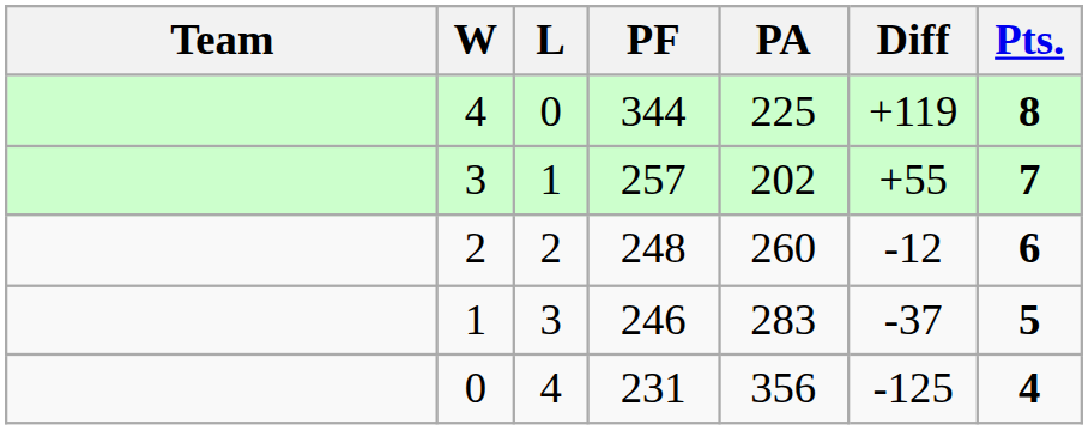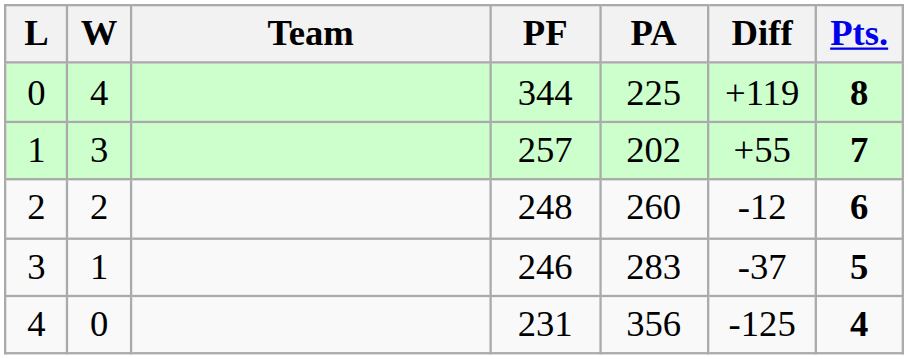 <table class=wikitable>
 <tr align=center>
+<th width=20px>L</th>
+<th width=20px>W</th>
 <th width=150px>Team</th>
-<th width=20px>W</th>
-<th width=20px>L</th>
 <th width=40px>PF</th>
 <th width=40px>PA</th>
 <th width=40px>Diff</th>
 <th width=30px><a href='#'>Pts.</a></th>
 </tr>
 <tr align=center bgcolor="#ccffcc">
+<td>0</td>
+<td>4</td>
 <td align=left></td>
-<td>4</td>
-<td>0</td>
 <td>344</td>
 <td>225</td>
 <td>+119</td>
 <td><strong>8</strong></td>
 </tr>
 <tr align=center bgcolor="#ccffcc">
+<td>1</td>
+<td>3</td>
 <td align=left></td>
-<td>3</td>
-<td>1</td>
 <td>257</td>
 <td>202</td>
 <td>+55</td>
 <td><strong>7</strong></td>
 </tr>
 <tr align=center>
-<td align=left></td>
 <td>2</td>
 <td>2</td>
+<td align=left></td>
 <td>248</td>
 <td>260</td>
 <td>-12</td>
 <td><strong>6</strong></td>
 </tr>
 <tr align=center>
+<td>3</td>
+<td>1</td>
 <td align=left></td>
-<td>1</td>
-<td>3</td>
 <td>246</td>
 <td>283</td>
 <td>-37</td>
 <td><strong>5</strong></td>
 </tr>
 <tr align=center>
+<td>4</td>
+<td>0</td>
 <td align=left></td>
-<td>0</td>
-<td>4</td>
 <td>231</td>
 <td>356</td>
 <td>-125</td>
 <td><strong>4</strong></td>
 </tr>
 </table>
